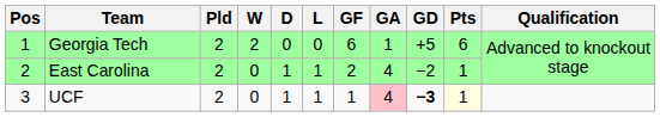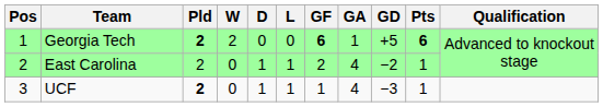 <table class="wikitable" style="text-align:center; margin: 1em auto">
 <tr>
 <th style="width:2em">Pos</th>
 <th style="width:13em">Team</th>
 <th style="width:2em">Pld</th>
 <th style="width:2em">W</th>
 <th style="width:2em">D</th>
 <th style="width:2em">L</th>
 <th style="width:2em">GF</th>
 <th style="width:2em">GA</th>
 <th style="width:2em">GD</th>
 <th style="width:2em">Pts</th>
 <th style="width:13em">Qualification</th>
 </tr>
 <tr bgcolor="#9eff9e">
 <td>1</td>
 <td style="text-align:left">Georgia Tech</td>
-<td>2</td>
+<td><strong>2</strong></td>
 <td>2</td>
 <td>0</td>
 <td>0</td>
-<td>6</td>
+<td><strong>6</strong></td>
 <td>1</td>
 <td>+5</td>
-<td>6</td>
+<td><strong>6</strong></td>
 <td rowspan="2">Advanced to knockout stage</td>
 </tr>
 <tr bgcolor="#9eff9e">
 <td>2</td>
 <td style="text-align:left">East Carolina</td>
 <td>2</td>
 <td>0</td>
 <td>1</td>
 <td>1</td>
 <td>2</td>
 <td>4</td>
 <td>−2</td>
 <td>1</td>
 </tr>
 <tr>
 <td>3</td>
 <td style="text-align:left">UCF</td>
-<td>2</td>
+<td><strong>2</strong></td>
 <td>0</td>
 <td>1</td>
 <td>1</td>
 <td>1</td>
-<td style="background: pink;">4</td>
-<td><strong>−3</strong></td>
-<td style="background: lightyellow;">1</td>
+<td>4</td>
+<td>−3</td>
+<td>1</td>
 <td></td>
 </tr>
 </table>
